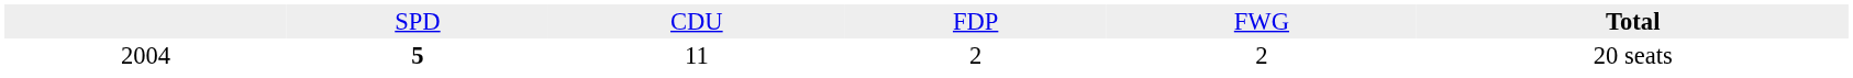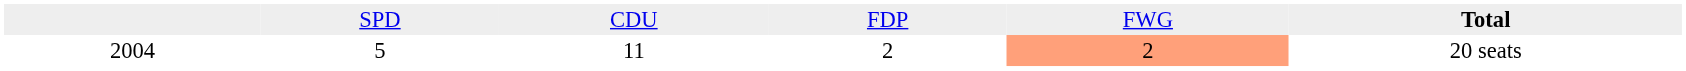 <table border="0" cellpadding="2" cellspacing="0" width="60%">
 <tr bgcolor="#eeeeee" align="center">
 <td></td>
 <td><a href='#'>SPD</a></td>
 <td><a href='#'>CDU</a></td>
 <td><a href='#'>FDP</a></td>
 <td><a href='#'>FWG</a></td>
 <td><strong>Total</strong></td>
 </tr>
 <tr align="center">
 <td>2004</td>
-<td><strong>5</strong></td>
+<td>5</td>
 <td>11</td>
 <td>2</td>
-<td>2</td>
+<td style="background: lightsalmon;">2</td>
 <td>20 seats</td>
 </tr>
 </table>
